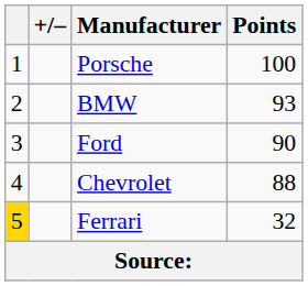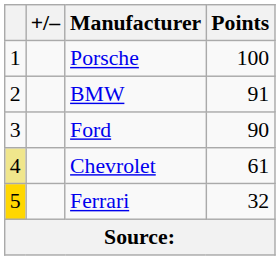 <table class="wikitable" style="font-size: 95%;">
 <tr>
 <th scope="col"></th>
 <th scope="col">+/–</th>
 <th scope="col">Manufacturer</th>
 <th scope="col">Points</th>
 </tr>
 <tr>
 <td align=center>1</td>
 <td align="left"></td>
 <td> <a href='#'>Porsche</a></td>
 <td align=right>100</td>
 </tr>
 <tr>
 <td align=center>2</td>
 <td align="left"></td>
 <td> <a href='#'>BMW</a></td>
-<td align=right>93</td>
+<td align=right>91</td>
 </tr>
 <tr>
 <td align=center>3</td>
 <td align="left"></td>
 <td> <a href='#'>Ford</a></td>
 <td align=right>90</td>
 </tr>
 <tr>
-<td align=center>4</td>
+<td align=center style="background: khaki;">4</td>
 <td align="left"></td>
 <td> <a href='#'>Chevrolet</a></td>
-<td align=right>88</td>
+<td align=right>61</td>
 </tr>
 <tr>
 <td align=center style="background: gold;">5</td>
 <td align="left"></td>
 <td> <a href='#'>Ferrari</a></td>
 <td align=right>32</td>
 </tr>
 <tr>
 <th colspan=5>Source:</th>
 </tr>
 </table>
